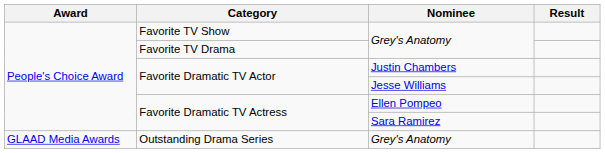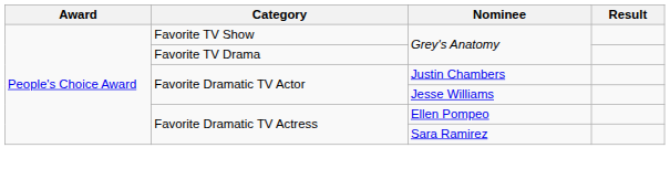 <table class="wikitable sortable" style="width:95%;">
 <tr>
 <th style="width:20%;">Award</th>
 <th style="width:35%;">Category</th>
 <th style="width:25%;">Nominee</th>
 <th style="width:10%;">Result</th>
 </tr>
 <tr>
 <td rowspan="6"><a href='#'>People's Choice Award</a></td>
 <td>Favorite TV Show</td>
 <td rowspan="2"><em>Grey's Anatomy</em></td>
 <td></td>
 </tr>
 <tr>
 <td>Favorite TV Drama</td>
 <td></td>
 </tr>
 <tr>
 <td rowspan="2">Favorite Dramatic TV Actor</td>
 <td><a href='#'>Justin Chambers</a></td>
 <td></td>
 </tr>
 <tr>
 <td><a href='#'>Jesse Williams</a></td>
 <td></td>
 </tr>
 <tr>
 <td rowspan="2">Favorite Dramatic TV Actress</td>
 <td><a href='#'>Ellen Pompeo</a></td>
 <td></td>
 </tr>
 <tr>
 <td><a href='#'>Sara Ramirez</a></td>
 <td></td>
 </tr>
-<tr>
-<td rowspan="1"><a href='#'>GLAAD Media Awards</a></td>
-<td>Outstanding Drama Series</td>
-<td><em>Grey's Anatomy</em></td>
-<td></td>
-</tr>
 </table>
